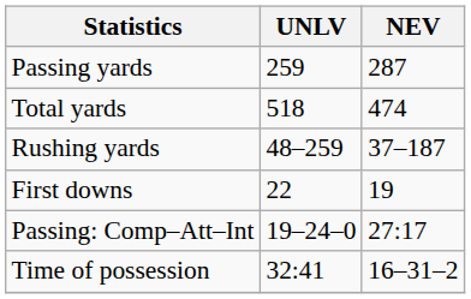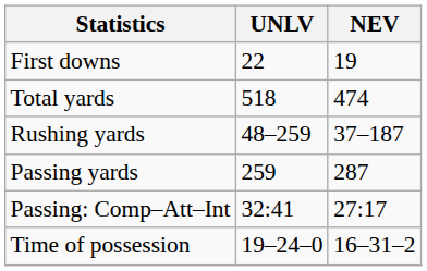 <table class="wikitable" style="float: left;">
 <tr>
 <th>Statistics</th>
 <th>UNLV</th>
 <th>NEV</th>
 </tr>
 <tr>
-<td>Passing yards</td>
-<td>259</td>
-<td>287</td>
+<td>First downs</td>
+<td>22</td>
+<td>19</td>
 </tr>
 <tr>
 <td>Total yards</td>
 <td>518</td>
 <td>474</td>
 </tr>
 <tr>
 <td>Rushing yards</td>
 <td>48–259</td>
 <td>37–187</td>
 </tr>
 <tr>
-<td>First downs</td>
-<td>22</td>
-<td>19</td>
+<td>Passing yards</td>
+<td>259</td>
+<td>287</td>
 </tr>
 <tr>
 <td>Passing: Comp–Att–Int</td>
-<td>19–24–0</td>
+<td>32:41</td>
 <td>27:17</td>
 </tr>
 <tr>
 <td>Time of possession</td>
-<td>32:41</td>
+<td>19–24–0</td>
 <td>16–31–2</td>
 </tr>
 <tr>
 </tr>
 </table>
